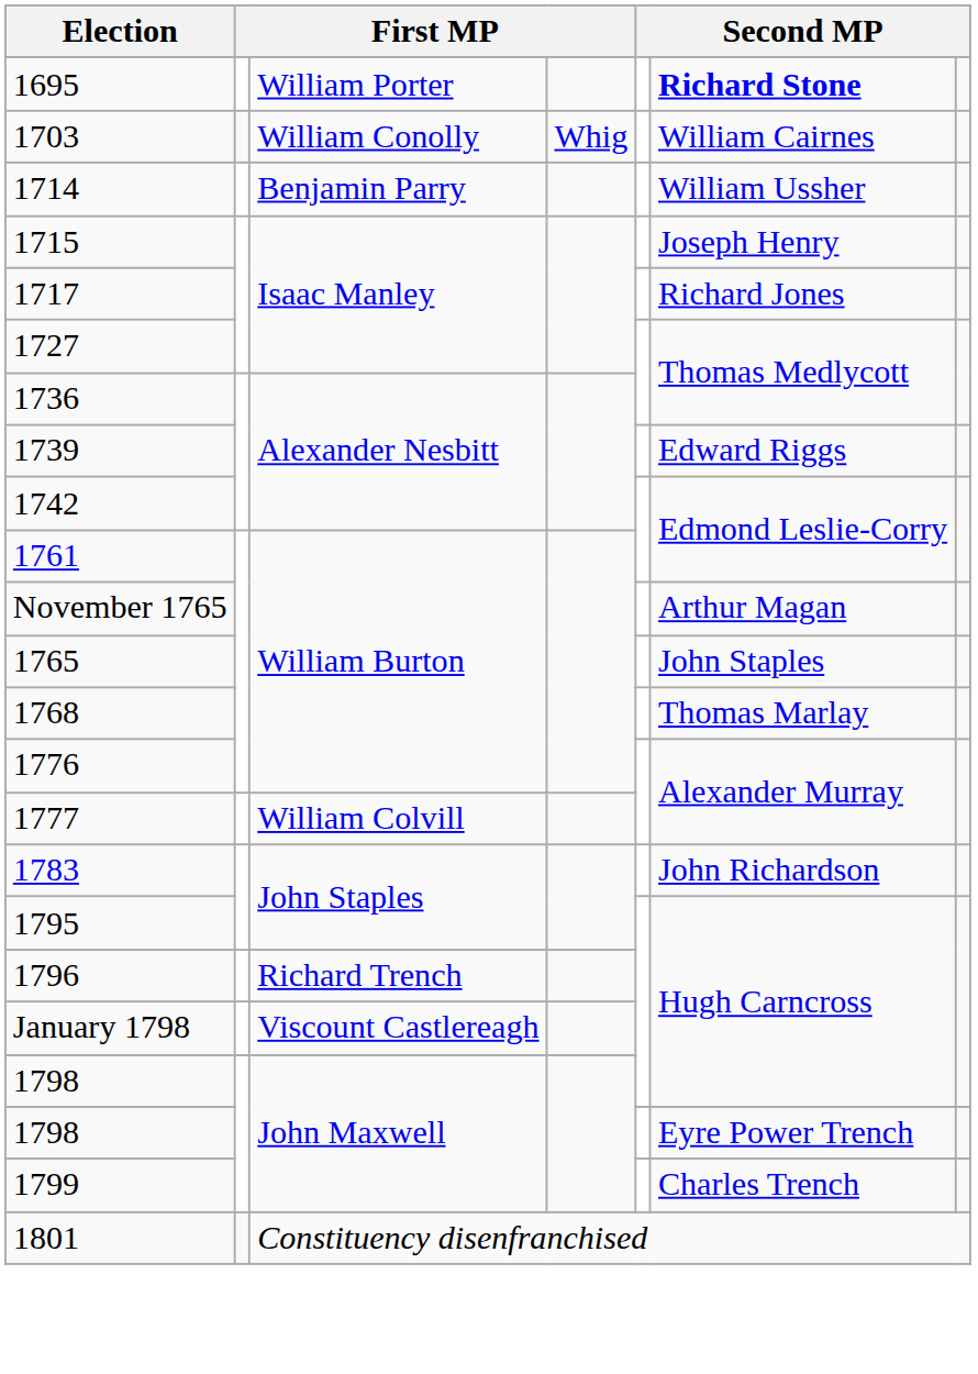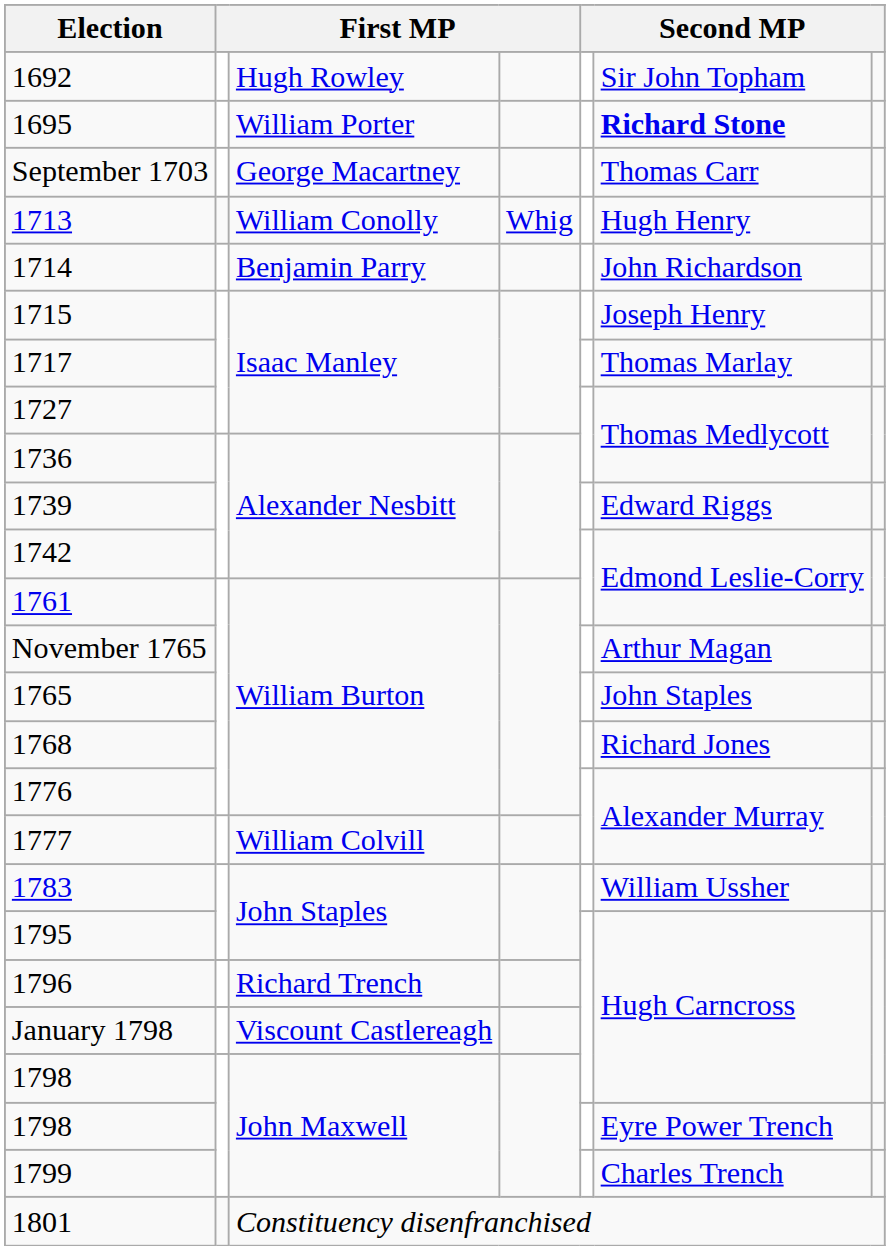 <table class="wikitable">
 <tr>
 <th>Election</th>
 <th colspan=3>First MP</th>
 <th colspan=3>Second MP</th>
+</tr>
+<tr>
+<td>1692</td>
+<td style="background-color: white"></td>
+<td><a href='#'>Hugh Rowley</a></td>
+<td></td>
+<td style="background-color: white"></td>
+<td><a href='#'>Sir John Topham</a> </td>
+<td></td>
 </tr>
 <tr>
 <td>1695</td>
 <td style="background-color: white"></td>
 <td><a href='#'>William Porter</a></td>
 <td></td>
 <td style="background-color: white"></td>
 <td><strong><a href='#'>Richard Stone</a></strong></td>
 <td></td>
 </tr>
 <tr>
-<td>1703</td>
+<td>September 1703</td>
+<td style="background-color: white"></td>
+<td><a href='#'>George Macartney</a></td>
+<td></td>
+<td style="background-color: white"></td>
+<td><a href='#'>Thomas Carr</a></td>
+<td></td>
+</tr>
+<tr>
+<td><a href='#'>1713</a></td>
 <td style="background-color: "></td>
 <td><a href='#'>William Conolly</a></td>
 <td><a href='#'>Whig</a></td>
 <td style="background-color: white"></td>
-<td><a href='#'>William Cairnes</a></td>
+<td><a href='#'>Hugh Henry</a></td>
 <td></td>
 </tr>
 <tr>
 <td>1714</td>
 <td style="background-color: white"></td>
 <td><a href='#'>Benjamin Parry</a></td>
 <td></td>
 <td style="background-color: white"></td>
-<td><a href='#'>William Ussher</a></td>
+<td><a href='#'>John Richardson</a></td>
 <td></td>
 </tr>
 <tr>
 <td>1715</td>
 <td rowspan="3" style="background-color: white"></td>
 <td rowspan="3"><a href='#'>Isaac Manley</a></td>
 <td rowspan="3"></td>
 <td style="background-color: white"></td>
 <td><a href='#'>Joseph Henry</a></td>
 <td></td>
 </tr>
 <tr>
 <td>1717</td>
 <td style="background-color: white"></td>
-<td><a href='#'>Richard Jones</a></td>
+<td><a href='#'>Thomas Marlay</a></td>
 <td></td>
 </tr>
 <tr>
 <td>1727</td>
 <td rowspan="2" style="background-color: white"></td>
 <td rowspan="2"><a href='#'>Thomas Medlycott</a></td>
 <td rowspan="2"></td>
 </tr>
 <tr>
 <td>1736</td>
 <td rowspan="3" style="background-color: white"></td>
 <td rowspan="3"><a href='#'>Alexander Nesbitt</a></td>
 <td rowspan="3"></td>
 </tr>
 <tr>
 <td>1739</td>
 <td style="background-color: white"></td>
 <td><a href='#'>Edward Riggs</a></td>
 <td></td>
 </tr>
 <tr>
 <td>1742</td>
 <td rowspan="2" style="background-color: white"></td>
 <td rowspan="2"><a href='#'>Edmond Leslie-Corry</a></td>
 <td rowspan="2"></td>
 </tr>
 <tr>
 <td><a href='#'>1761</a></td>
 <td rowspan="5" style="background-color: white"></td>
 <td rowspan="5"><a href='#'>William Burton</a></td>
 <td rowspan="5"></td>
 </tr>
 <tr>
 <td>November 1765</td>
 <td style="background-color: white"></td>
 <td><a href='#'>Arthur Magan</a></td>
 <td></td>
 </tr>
 <tr>
 <td>1765</td>
 <td style="background-color: white"></td>
 <td><a href='#'>John Staples</a></td>
 <td></td>
 </tr>
 <tr>
 <td>1768</td>
 <td style="background-color: white"></td>
-<td><a href='#'>Thomas Marlay</a></td>
+<td><a href='#'>Richard Jones</a></td>
 <td></td>
 </tr>
 <tr>
 <td>1776</td>
 <td rowspan="2" style="background-color: white"></td>
 <td rowspan="2"><a href='#'>Alexander Murray</a></td>
 <td rowspan="2"></td>
 </tr>
 <tr>
 <td>1777</td>
 <td style="background-color: white"></td>
 <td><a href='#'>William Colvill</a></td>
 <td></td>
 </tr>
 <tr>
 <td><a href='#'>1783</a></td>
 <td rowspan="2" style="background-color: white"></td>
 <td rowspan="2"><a href='#'>John Staples</a></td>
 <td rowspan="2"></td>
 <td style="background-color: white"></td>
-<td><a href='#'>John Richardson</a></td>
+<td><a href='#'>William Ussher</a></td>
 <td></td>
 </tr>
 <tr>
 <td>1795</td>
 <td rowspan="4" style="background-color: white"></td>
 <td rowspan="4"><a href='#'>Hugh Carncross</a></td>
 <td rowspan="4"></td>
 </tr>
 <tr>
 <td>1796</td>
 <td style="background-color: white"></td>
 <td><a href='#'>Richard Trench</a></td>
 <td></td>
 </tr>
 <tr>
 <td>January 1798</td>
 <td style="background-color: white"></td>
 <td><a href='#'>Viscount Castlereagh</a></td>
 <td></td>
 </tr>
 <tr>
 <td>1798</td>
 <td rowspan="3" style="background-color: white"></td>
 <td rowspan="3"><a href='#'>John Maxwell</a></td>
 <td rowspan="3"></td>
 </tr>
 <tr>
 <td>1798</td>
 <td style="background-color: white"></td>
 <td><a href='#'>Eyre Power Trench</a></td>
 <td></td>
 </tr>
 <tr>
 <td>1799</td>
 <td style="background-color: white"></td>
 <td><a href='#'>Charles Trench</a></td>
 <td></td>
 </tr>
 <tr>
 <td>1801</td>
 <td></td>
 <td colspan = "5"><em>Constituency disenfranchised</em></td>
 </tr>
 </table>
